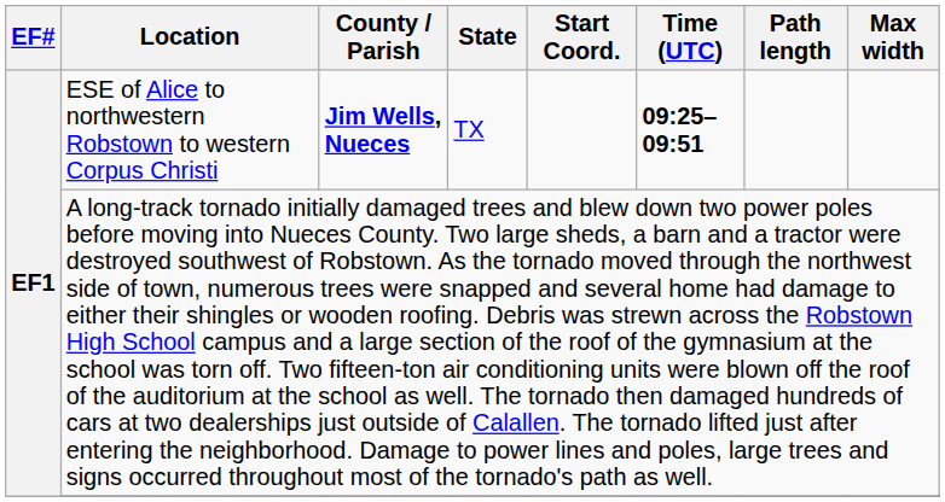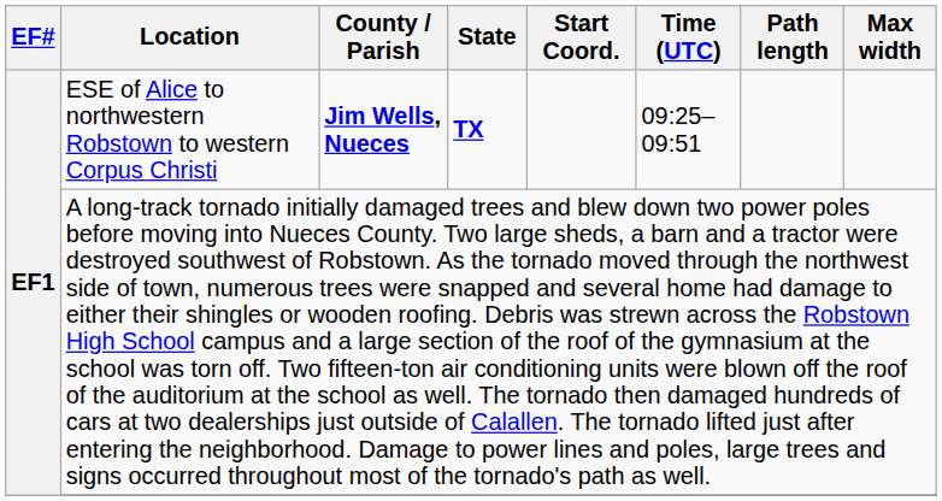 <table class="wikitable sortable" style="width:100%;">
 <tr>
 <th scope="col" width="2%" align="center"><a href='#'>EF#</a></th>
 <th scope="col" align="center" class="unsortable">Location</th>
 <th scope="col" align="center" class="unsortable">County / Parish</th>
 <th scope="col" align="center">State</th>
 <th scope="col" align="center">Start Coord.</th>
 <th scope="col" align="center">Time (<a href='#'>UTC</a>)</th>
 <th scope="col" align="center">Path length</th>
 <th scope="col" align="center">Max width</th>
 </tr>
 <tr>
 <th scope="row" rowspan="2" style="background-color:#">EF1</th>
 <td>ESE of <a href='#'>Alice</a> to northwestern <a href='#'>Robstown</a> to western <a href='#'>Corpus Christi</a></td>
 <td><strong><a href='#'>Jim Wells</a>, <a href='#'>Nueces</a></strong></td>
-<td><a href='#'>TX</a></td>
+<td><strong><a href='#'>TX</a></strong></td>
 <td></td>
-<td><strong>09:25–09:51</strong></td>
+<td>09:25–09:51</td>
 <td></td>
 <td></td>
 </tr>
 <tr class="expand-child">
 <td colspan="8" style=" border-bottom: 1px solid black;">A long-track tornado initially damaged trees and blew down two power poles before moving into Nueces County. Two large sheds, a barn and a tractor were destroyed southwest of Robstown. As the tornado moved through the northwest side of town, numerous trees were snapped and several home had damage to either their shingles or wooden roofing. Debris was strewn across the <a href='#'>Robstown High School</a> campus and a large section of the roof of the gymnasium at the school was torn off. Two fifteen-ton air conditioning units were blown off the roof of the auditorium at the school as well. The tornado then damaged hundreds of cars at two dealerships just outside of <a href='#'>Calallen</a>. The tornado lifted just after entering the neighborhood. Damage to power lines and poles, large trees and signs occurred throughout most of the tornado's path as well.</td>
 </tr>
 <tr>
 </tr>
 </table>
